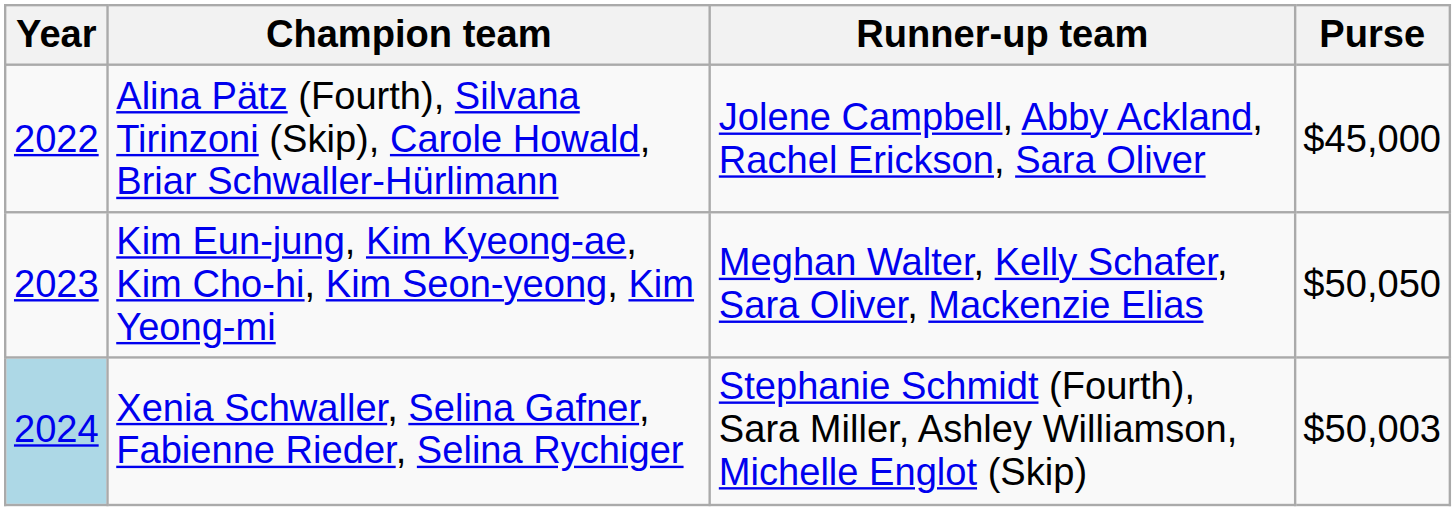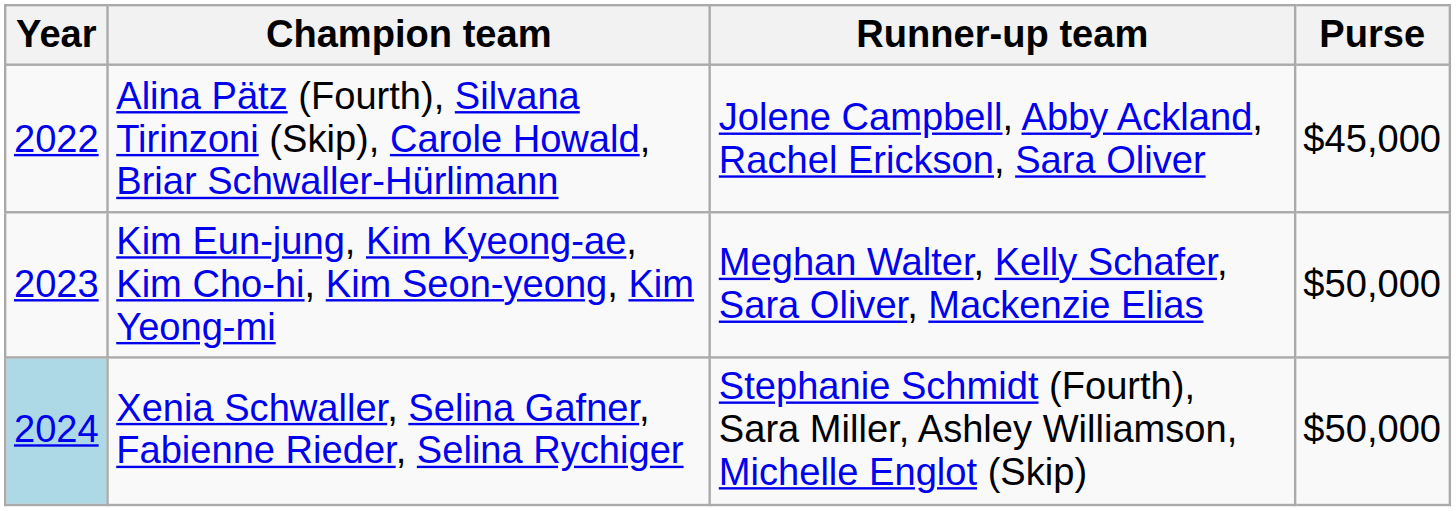 <table class="wikitable">
 <tr>
 <th scope="col">Year</th>
 <th scope="col">Champion team</th>
 <th scope="col">Runner-up team</th>
 <th scope="col">Purse</th>
 </tr>
 <tr>
 <td><a href='#'>2022</a></td>
 <td> <a href='#'>Alina Pätz</a> (Fourth), <a href='#'>Silvana Tirinzoni</a> (Skip), <a href='#'>Carole Howald</a>, <a href='#'>Briar Schwaller-Hürlimann</a></td>
 <td> <a href='#'>Jolene Campbell</a>, <a href='#'>Abby Ackland</a>, <a href='#'>Rachel Erickson</a>, <a href='#'>Sara Oliver</a></td>
 <td>$45,000</td>
 </tr>
 <tr>
 <td><a href='#'>2023</a></td>
 <td> <a href='#'>Kim Eun-jung</a>, <a href='#'>Kim Kyeong-ae</a>, <a href='#'>Kim Cho-hi</a>, <a href='#'>Kim Seon-yeong</a>, <a href='#'>Kim Yeong-mi</a></td>
 <td> <a href='#'>Meghan Walter</a>, <a href='#'>Kelly Schafer</a>, <a href='#'>Sara Oliver</a>, <a href='#'>Mackenzie Elias</a></td>
-<td>$50,050</td>
+<td>$50,000</td>
 </tr>
 <tr>
 <td style="background: lightblue;"><a href='#'>2024</a></td>
 <td> <a href='#'>Xenia Schwaller</a>, <a href='#'>Selina Gafner</a>, <a href='#'>Fabienne Rieder</a>, <a href='#'>Selina Rychiger</a></td>
 <td> <a href='#'>Stephanie Schmidt</a> (Fourth), Sara Miller, Ashley Williamson, <a href='#'>Michelle Englot</a> (Skip)</td>
-<td>$50,003</td>
+<td>$50,000</td>
 </tr>
 </table>
